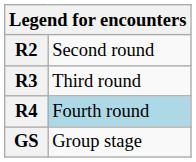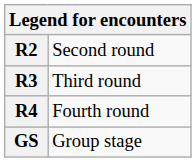 <table class="wikitable" style="font-size: 85%">
 <tr>
 <th colspan="2">Legend for encounters</th>
 </tr>
 <tr>
 <th>R2</th>
 <td>Second round</td>
 </tr>
 <tr>
 <th>R3</th>
 <td>Third round</td>
 </tr>
 <tr>
 <th>R4</th>
-<td style="background: lightblue;">Fourth round</td>
+<td>Fourth round</td>
 </tr>
 <tr>
 <th>GS</th>
 <td>Group stage</td>
 </tr>
 </table>
